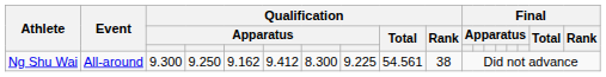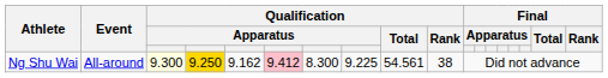 <table class="wikitable" style="font-size:90%">
 <tr>
 <th rowspan=3>Athlete</th>
 <th rowspan=3>Event</th>
 <th colspan =8>Qualification</th>
 <th colspan =8>Final</th>
 </tr>
 <tr style="font-size:95%">
 <th colspan=6>Apparatus</th>
 <th rowspan=2>Total</th>
 <th rowspan=2>Rank</th>
 <th colspan=6>Apparatus</th>
 <th rowspan=2>Total</th>
 <th rowspan=2>Rank</th>
 </tr>
 <tr style="font-size:95%">
 <th></th>
 <th></th>
 <th></th>
 <th></th>
 <th></th>
 <th></th>
 <th></th>
 <th></th>
 <th></th>
 <th></th>
 <th></th>
 <th></th>
 </tr>
 <tr align=center>
 <td align=left><a href='#'>Ng Shu Wai</a></td>
 <td align=left><a href='#'>All-around</a></td>
-<td>9.300</td>
-<td>9.250</td>
+<td style="background: lightyellow;">9.300</td>
+<td style="background: gold;">9.250</td>
 <td>9.162</td>
-<td>9.412</td>
+<td style="background: pink;">9.412</td>
 <td>8.300</td>
 <td>9.225</td>
 <td>54.561</td>
 <td>38</td>
 <td colspan=8>Did not advance</td>
 </tr>
 </table>
